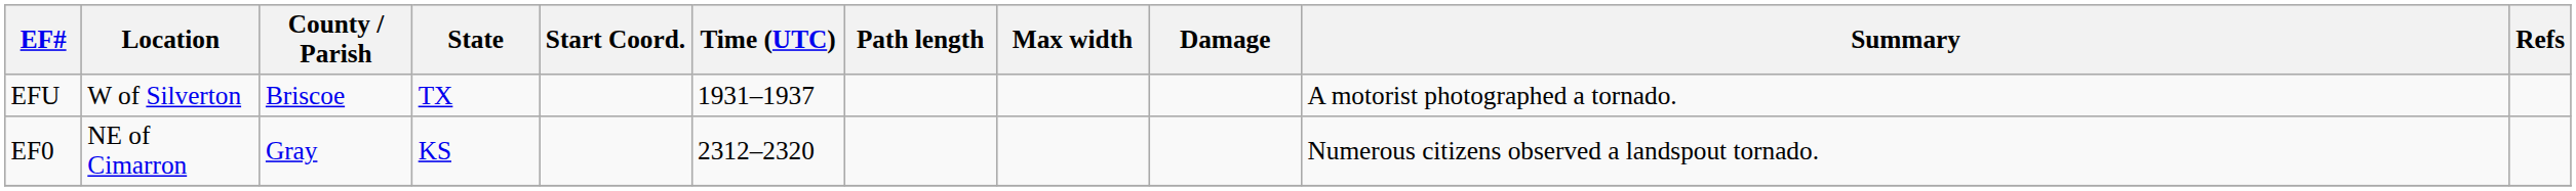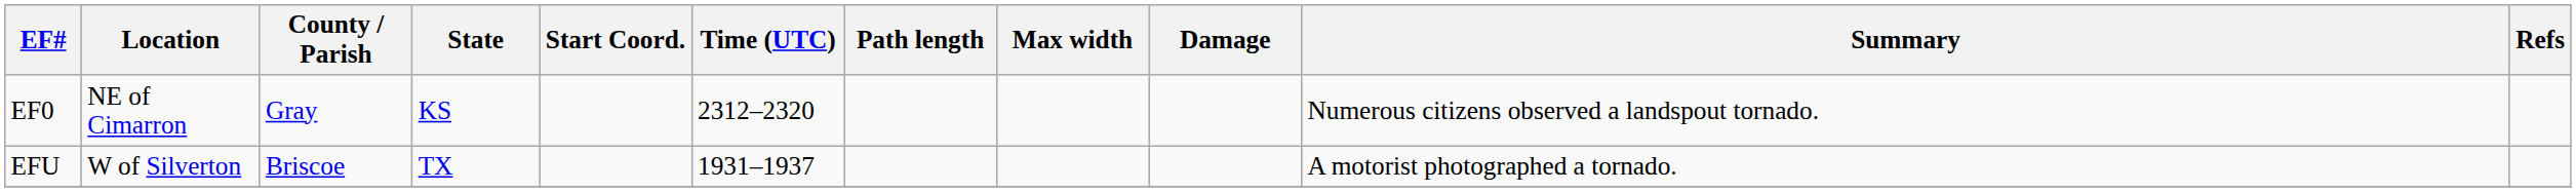 <table class="wikitable sortable" style="width:100%;">
 <tr>
 <th scope="col" width="3%" align="center"><a href='#'>EF#</a></th>
 <th scope="col" width="7%" align="center" class="unsortable">Location</th>
 <th scope="col" width="6%" align="center" class="unsortable">County / Parish</th>
 <th scope="col" width="5%" align="center">State</th>
 <th scope="col" width="6%" align="center">Start Coord.</th>
 <th scope="col" width="6%" align="center">Time (<a href='#'>UTC</a>)</th>
 <th scope="col" width="6%" align="center">Path length</th>
 <th scope="col" width="6%" align="center">Max width</th>
 <th scope="col" width="6%" align="center">Damage</th>
 <th scope="col" width="48%" class="unsortable" align="center">Summary</th>
 <th scope="col" width="48%" class="unsortable" align="center">Refs</th>
 </tr>
 <tr>
+<td>EF0</td>
+<td>NE of <a href='#'>Cimarron</a></td>
+<td><a href='#'>Gray</a></td>
+<td><a href='#'>KS</a></td>
+<td></td>
+<td>2312–2320</td>
+<td></td>
+<td></td>
+<td></td>
+<td>Numerous citizens observed a landspout tornado.</td>
+<td></td>
+</tr>
+<tr>
 <td>EFU</td>
 <td>W of <a href='#'>Silverton</a></td>
 <td><a href='#'>Briscoe</a></td>
 <td><a href='#'>TX</a></td>
 <td></td>
 <td>1931–1937</td>
 <td></td>
 <td></td>
 <td></td>
 <td>A motorist photographed a tornado.</td>
 <td></td>
 </tr>
 <tr>
-<td>EF0</td>
-<td>NE of <a href='#'>Cimarron</a></td>
-<td><a href='#'>Gray</a></td>
-<td><a href='#'>KS</a></td>
-<td></td>
-<td>2312–2320</td>
-<td></td>
-<td></td>
-<td></td>
-<td>Numerous citizens observed a landspout tornado.</td>
-<td></td>
-</tr>
-<tr>
 </tr>
 </table>
